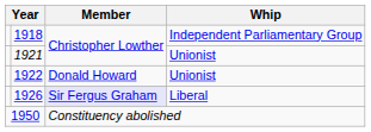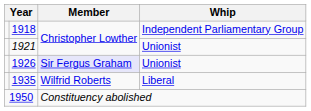 <table class="wikitable">
 <tr>
 <th colspan="2">Year</th>
 <th>Member</th>
 <th>Whip</th>
 </tr>
 <tr>
 <td style="color:inherit;background-color: "></td>
 <td><a href='#'>1918</a></td>
 <td rowspan="2"><a href='#'>Christopher Lowther</a></td>
 <td><a href='#'>Independent Parliamentary Group</a></td>
 </tr>
 <tr>
 <td style="color:inherit;background-color: "></td>
 <td><em>1921</em></td>
 <td><a href='#'>Unionist</a></td>
 </tr>
 <tr>
 <td style="color:inherit;background-color: "></td>
-<td><a href='#'>1922</a></td>
-<td><a href='#'>Donald Howard</a></td>
+<td><a href='#'>1926</a></td>
+<td style="background: lavender;"><a href='#'>Sir Fergus Graham</a></td>
 <td><a href='#'>Unionist</a></td>
 </tr>
 <tr>
 <td style="color:inherit;background-color: "></td>
-<td><a href='#'>1926</a></td>
-<td style="background: lavender;"><a href='#'>Sir Fergus Graham</a></td>
+<td><a href='#'>1935</a></td>
+<td><a href='#'>Wilfrid Roberts</a></td>
 <td><a href='#'>Liberal</a></td>
 </tr>
 <tr>
 <td colspan="2" style="text-align:center;"><a href='#'>1950</a></td>
 <td colspan="2"><em>Constituency abolished</em></td>
 </tr>
 </table>
